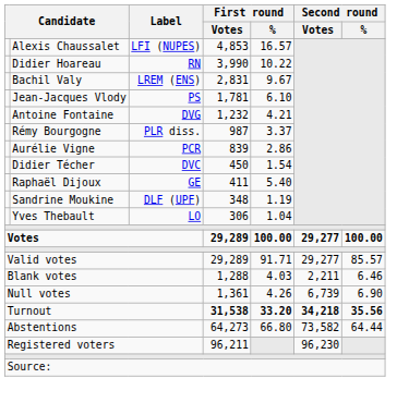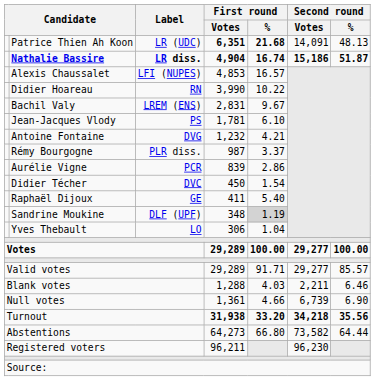 <table class="wikitable" style="text-align:right;font-size:95%;">
 <tr>
 <th rowspan="2" colspan="2">Candidate</th>
 <th rowspan="2">Label</th>
 <th colspan="2">First round</th>
 <th colspan="2">Second round</th>
 </tr>
 <tr>
 <th style="width:50px;">Votes</th>
 <th style="width:45px;">%</th>
 <th style="width:50px;">Votes</th>
 <th style="width:45px;">%</th>
+</tr>
+<tr>
+<td style="color:inherit;background:"></td>
+<td style="text-align:left;">Patrice Thien Ah Koon</td>
+<td><a href='#'>LR</a> (<a href='#'>UDC</a>)</td>
+<td><strong>6,351</strong></td>
+<td><strong>21.68</strong></td>
+<td>14,091</td>
+<td>48.13</td>
+</tr>
+<tr>
+<td style="color:inherit;background:"></td>
+<td style="text-align:left;"><strong><a href='#'>Nathalie Bassire</a></strong></td>
+<td><strong><a href='#'>LR</a> diss.</strong></td>
+<td><strong>4,904</strong></td>
+<td><strong>16.74</strong></td>
+<td><strong>15,186</strong></td>
+<td><strong>51.87</strong></td>
 </tr>
 <tr>
 <td style="color:inherit;background:"></td>
 <td style="text-align:left;">Alexis Chaussalet</td>
 <td><a href='#'>LFI</a> (<a href='#'>NUPES</a>)</td>
 <td>4,853</td>
 <td>16.57</td>
 <td colspan="2" rowspan="11" style="background:#E9E9E9;"></td>
 </tr>
 <tr>
 <td style="color:inherit;background:"></td>
 <td style="text-align:left;">Didier Hoareau</td>
 <td><a href='#'>RN</a></td>
 <td>3,990</td>
 <td>10.22</td>
 </tr>
 <tr>
 <td style="color:inherit;background:"></td>
 <td style="text-align:left;">Bachil Valy</td>
 <td><a href='#'>LREM</a> (<a href='#'>ENS</a>)</td>
 <td>2,831</td>
 <td>9.67</td>
 </tr>
 <tr>
 <td style="color:inherit;background:"></td>
 <td style="text-align:left;">Jean-Jacques Vlody</td>
 <td><a href='#'>PS</a></td>
 <td>1,781</td>
 <td>6.10</td>
 </tr>
 <tr>
 <td style="color:inherit;background:"></td>
 <td style="text-align:left;">Antoine Fontaine</td>
 <td><a href='#'>DVG</a></td>
 <td>1,232</td>
 <td>4.21</td>
 </tr>
 <tr>
 <td style="color:inherit;background:"></td>
 <td style="text-align:left;">Rémy Bourgogne</td>
 <td><a href='#'>PLR</a> diss.</td>
 <td>987</td>
 <td>3.37</td>
 </tr>
 <tr>
 <td style="color:inherit;background:"></td>
 <td style="text-align:left;">Aurélie Vigne</td>
 <td><a href='#'>PCR</a></td>
 <td>839</td>
 <td>2.86</td>
 </tr>
 <tr>
 <td style="color:inherit;background:"></td>
 <td style="text-align:left;">Didier Técher</td>
 <td><a href='#'>DVC</a></td>
 <td>450</td>
 <td>1.54</td>
 </tr>
 <tr>
 <td style="color:inherit;background:"></td>
 <td style="text-align:left;">Raphaël Dijoux</td>
 <td><a href='#'>GE</a></td>
 <td>411</td>
 <td>5.40</td>
 </tr>
 <tr>
 <td style="color:inherit;background:"></td>
 <td style="text-align:left;">Sandrine Moukine</td>
 <td><a href='#'>DLF</a> (<a href='#'>UPF</a>)</td>
 <td>348</td>
-<td>1.19</td>
+<td style="background: lightgrey;">1.19</td>
 </tr>
 <tr>
 <td style="color:inherit;background:"></td>
 <td style="text-align:left;">Yves Thebault</td>
 <td><a href='#'>LO</a></td>
 <td>306</td>
 <td>1.04</td>
 </tr>
 <tr>
 <td colspan="7" style="background:#E9E9E9;"></td>
 </tr>
 <tr style="font-weight:bold;">
 <td colspan="3" style="text-align:left;">Votes</td>
 <td>29,289</td>
 <td>100.00</td>
 <td>29,277</td>
 <td>100.00</td>
 </tr>
 <tr>
 <td colspan="7" style="background:#E9E9E9;"></td>
 </tr>
 <tr>
 <td colspan="3" style="text-align:left;">Valid votes</td>
 <td>29,289</td>
 <td>91.71</td>
 <td>29,277</td>
 <td>85.57</td>
 </tr>
 <tr>
 <td colspan="3" style="text-align:left;">Blank votes</td>
 <td>1,288</td>
 <td>4.03</td>
 <td>2,211</td>
 <td>6.46</td>
 </tr>
 <tr>
 <td colspan="3" style="text-align:left;">Null votes</td>
 <td>1,361</td>
-<td>4.26</td>
+<td>4.66</td>
 <td>6,739</td>
 <td>6.90</td>
 </tr>
 <tr>
 <td colspan="3" style="text-align:left;">Turnout</td>
-<td><strong>31,538</strong></td>
+<td><strong>31,938</strong></td>
 <td><strong>33.20</strong></td>
 <td><strong>34,218</strong></td>
 <td><strong>35.56</strong></td>
 </tr>
 <tr>
 <td colspan="3" style="text-align:left;">Abstentions</td>
 <td>64,273</td>
 <td>66.80</td>
 <td>73,582</td>
 <td>64.44</td>
 </tr>
 <tr>
 <td colspan="3" style="text-align:left;">Registered voters</td>
 <td>96,211</td>
 <td style="background:#E9E9E9;"></td>
 <td>96,230</td>
 <td style="background:#E9E9E9;"></td>
 </tr>
 <tr>
 <td colspan="7" style="background:#E9E9E9;"></td>
 </tr>
 <tr>
 <td colspan="7" style="text-align:left;">Source: </td>
 </tr>
 </table>
